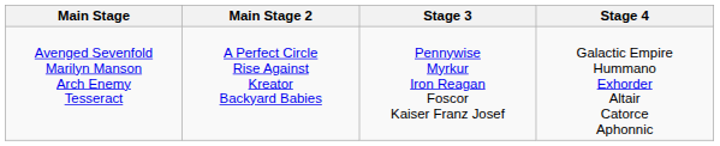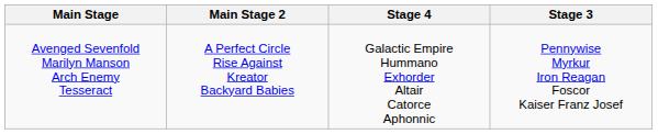 <table class="wikitable">
 <tr>
 <th>Main Stage</th>
 <th>Main Stage 2</th>
+<th>Stage 4</th>
 <th>Stage 3</th>
-<th>Stage 4</th>
 </tr>
 <tr>
 <td style="text-align:center; vertical-align:top; width:200px;"><br><a href='#'>Avenged Sevenfold</a><br> <a href='#'>Marilyn Manson</a> <br> <a href='#'>Arch Enemy</a> <br> <a href='#'>Tesseract</a> <br></td>
 <td style="text-align:center; vertical-align:top; width:200px;"><br><a href='#'>A Perfect Circle</a> <br> <a href='#'>Rise Against</a> <br> <a href='#'>Kreator</a> <br> <a href='#'>Backyard Babies</a> <br></td>
+<td style="text-align:center; vertical-align:top; width:200px;"><br>Galactic Empire <br> Hummano <br> <a href='#'>Exhorder</a> <br> Altair <br> Catorce <br>  Aphonnic <br></td>
 <td style="text-align:center; vertical-align:top; width:200px;"><br><a href='#'>Pennywise</a> <br> <a href='#'>Myrkur</a> <br> <a href='#'>Iron Reagan</a> <br> Foscor <br> Kaiser Franz Josef <br></td>
-<td style="text-align:center; vertical-align:top; width:200px;"><br>Galactic Empire <br> Hummano <br> <a href='#'>Exhorder</a> <br> Altair <br> Catorce <br>  Aphonnic <br></td>
 </tr>
 </table>
